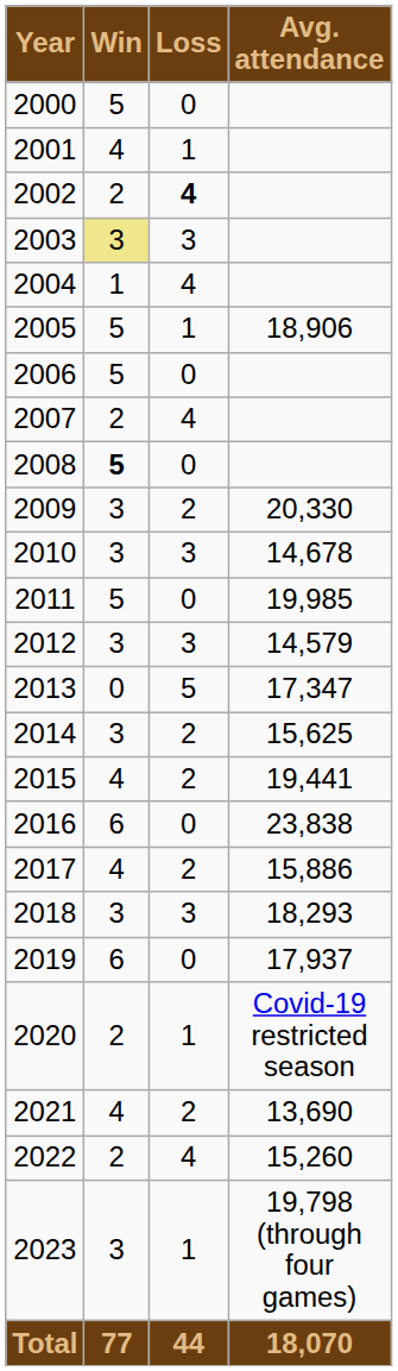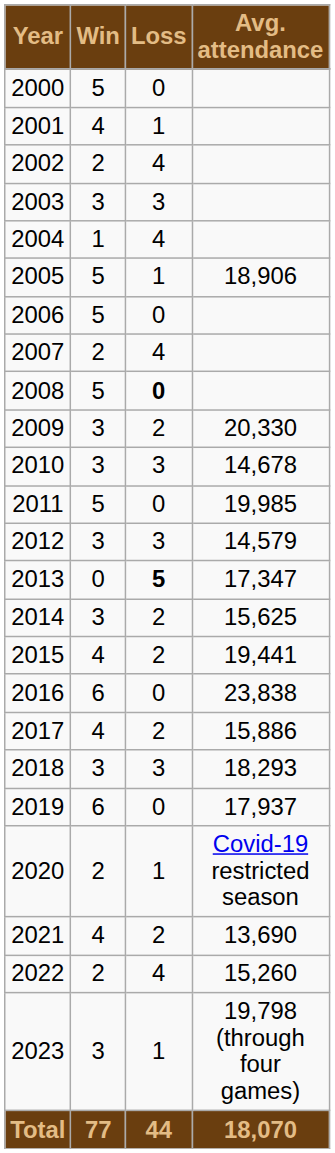 <table class="wikitable" width="15%">
 <tr>
 <th style="background:#6a3e0f; color:#e3bc85;">Year</th>
 <th style="background:#6a3e0f; color:#e3bc85;">Win</th>
 <th style="background:#6a3e0f; color:#e3bc85;">Loss</th>
 <th style="background:#6a3e0f; color:#e3bc85;">Avg. attendance</th>
 </tr>
 <tr align="center">
 </tr>
 <tr style="text-align:center;">
 <td>2000</td>
 <td>5</td>
 <td>0</td>
 <td></td>
 </tr>
 <tr style="text-align:center;">
 <td>2001</td>
 <td>4</td>
 <td>1</td>
 <td></td>
 </tr>
 <tr style="text-align:center;">
 <td>2002</td>
 <td>2</td>
-<td><strong>4</strong></td>
+<td>4</td>
 <td></td>
 </tr>
 <tr style="text-align:center;">
 <td>2003</td>
-<td style="background: khaki;">3</td>
+<td>3</td>
 <td>3</td>
 <td></td>
 </tr>
 <tr style="text-align:center;">
 <td>2004</td>
 <td>1</td>
 <td>4</td>
 <td></td>
 </tr>
 <tr style="text-align:center;">
 <td>2005</td>
 <td>5</td>
 <td>1</td>
 <td>18,906</td>
 </tr>
 <tr style="text-align:center;">
 <td>2006</td>
 <td>5</td>
 <td>0</td>
 <td></td>
 </tr>
 <tr style="text-align:center;">
 <td>2007</td>
 <td>2</td>
 <td>4</td>
 <td></td>
 </tr>
 <tr style="text-align:center;">
 <td>2008</td>
-<td><strong>5</strong></td>
-<td>0</td>
+<td>5</td>
+<td><strong>0</strong></td>
 <td></td>
 </tr>
 <tr style="text-align:center;">
 <td>2009</td>
 <td>3</td>
 <td>2</td>
 <td>20,330</td>
 </tr>
 <tr style="text-align:center;">
 <td>2010</td>
 <td>3</td>
 <td>3</td>
 <td>14,678</td>
 </tr>
 <tr style="text-align:center;">
 <td>2011</td>
 <td>5</td>
 <td>0</td>
 <td>19,985</td>
 </tr>
 <tr style="text-align:center;">
 <td>2012</td>
 <td>3</td>
 <td>3</td>
 <td>14,579</td>
 </tr>
 <tr style="text-align:center;">
 <td>2013</td>
 <td>0</td>
-<td>5</td>
+<td><strong>5</strong></td>
 <td>17,347</td>
 </tr>
 <tr style="text-align:center;">
 <td>2014</td>
 <td>3</td>
 <td>2</td>
 <td>15,625</td>
 </tr>
 <tr style="text-align:center;">
 <td>2015</td>
 <td>4</td>
 <td>2</td>
 <td>19,441</td>
 </tr>
 <tr style="text-align:center;">
 <td>2016</td>
 <td>6</td>
 <td>0</td>
 <td>23,838</td>
 </tr>
 <tr style="text-align:center;">
 <td>2017</td>
 <td>4</td>
 <td>2</td>
 <td>15,886</td>
 </tr>
 <tr style="text-align:center;">
 <td>2018</td>
 <td>3</td>
 <td>3</td>
 <td>18,293</td>
 </tr>
 <tr style="text-align:center;">
 <td>2019</td>
 <td>6</td>
 <td>0</td>
 <td>17,937</td>
 </tr>
 <tr style="text-align:center;">
 <td>2020</td>
 <td>2</td>
 <td>1</td>
 <td><a href='#'>Covid-19</a> restricted season</td>
 </tr>
 <tr style="text-align:center;">
 <td>2021</td>
 <td>4</td>
 <td>2</td>
 <td>13,690</td>
 </tr>
 <tr style="text-align:center;">
 <td>2022</td>
 <td>2</td>
 <td>4</td>
 <td>15,260</td>
 </tr>
 <tr style="text-align:center;">
 <td>2023</td>
 <td>3</td>
 <td>1</td>
 <td>19,798 (through four games)</td>
 </tr>
 <tr style="text-align:center;"|- style="text-align:center;"|- style="text-align:center;"!style="background:#6a3e0f; color:#e3bc85;">
 <th style="background:#6a3e0f; color:#e3bc85;">Total</th>
 <th style="background:#6a3e0f; color:#e3bc85;">77</th>
 <th style="background:#6a3e0f; color:#e3bc85;">44</th>
 <th style="background:#6a3e0f; color:#e3bc85;">18,070</th>
 </tr>
 </table>
